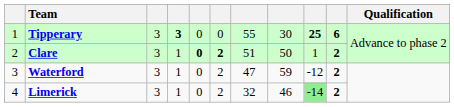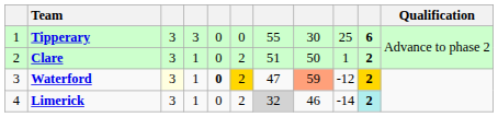 <table class="wikitable" style="text-align:center">
 <tr>
 <th width=20></th>
 <th width=150 style="text-align:left;">Team</th>
 <th width=20></th>
 <th width=20></th>
 <th width=20></th>
 <th width=20></th>
 <th width=40></th>
 <th width=40></th>
 <th width=20></th>
 <th width=20></th>
 <th>Qualification</th>
 </tr>
 <tr style="background:#ccffcc">
 <td>1</td>
 <td align=left><strong> <a href='#'>Tipperary</a></strong></td>
 <td>3</td>
-<td><strong>3</strong></td>
+<td>3</td>
 <td>0</td>
 <td>0</td>
 <td>55</td>
 <td>30</td>
-<td><strong>25</strong></td>
+<td>25</td>
 <td><strong>6</strong></td>
 <td rowspan=2>Advance to phase 2</td>
 </tr>
 <tr style="background:#ccffcc">
 <td>2</td>
 <td align=left><strong> <a href='#'>Clare</a></strong></td>
 <td>3</td>
 <td>1</td>
-<td><strong>0</strong></td>
-<td><strong>2</strong></td>
+<td>0</td>
+<td>2</td>
 <td>51</td>
 <td>50</td>
 <td>1</td>
 <td><strong>2</strong></td>
 </tr>
 <tr>
 <td>3</td>
 <td align=left><strong> <a href='#'>Waterford</a></strong></td>
-<td>3</td>
+<td style="background: lightyellow;">3</td>
 <td>1</td>
-<td>0</td>
-<td>2</td>
+<td><strong>0</strong></td>
+<td style="background: gold;">2</td>
 <td>47</td>
-<td>59</td>
+<td style="background: lightsalmon;">59</td>
 <td>-12</td>
-<td><strong>2</strong></td>
+<td style="background: gold;"><strong>2</strong></td>
 </tr>
 <tr>
 <td>4</td>
 <td align=left><strong> <a href='#'>Limerick</a></strong></td>
 <td>3</td>
 <td>1</td>
 <td>0</td>
 <td>2</td>
-<td>32</td>
+<td style="background: lightgrey;">32</td>
 <td>46</td>
-<td style="background: lightgreen;">-14</td>
-<td><strong>2</strong></td>
+<td>-14</td>
+<td style="background: paleturquoise;"><strong>2</strong></td>
 </tr>
 </table>
